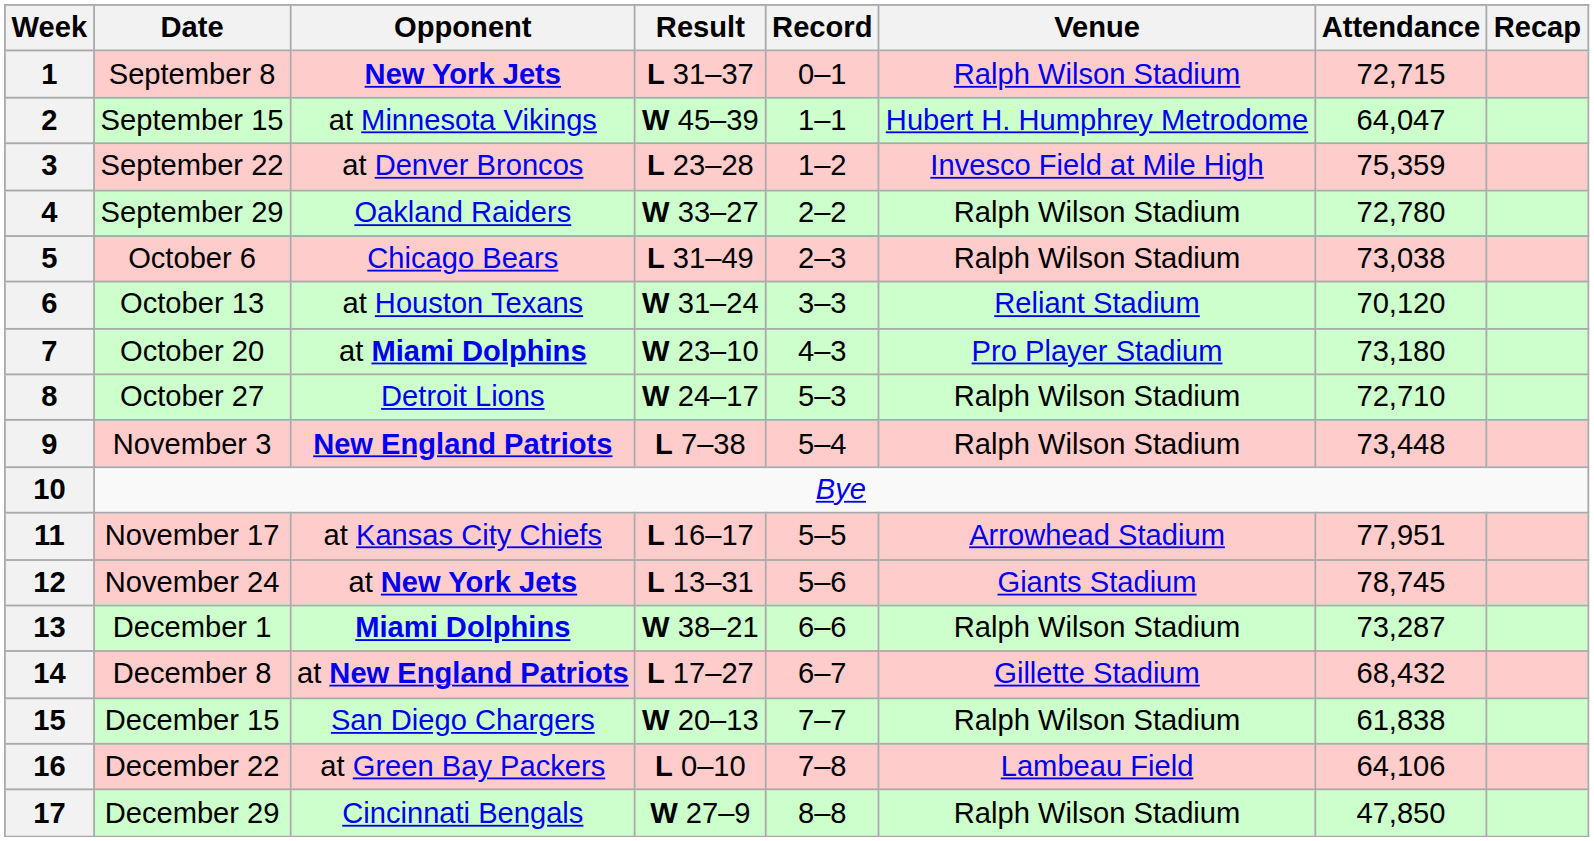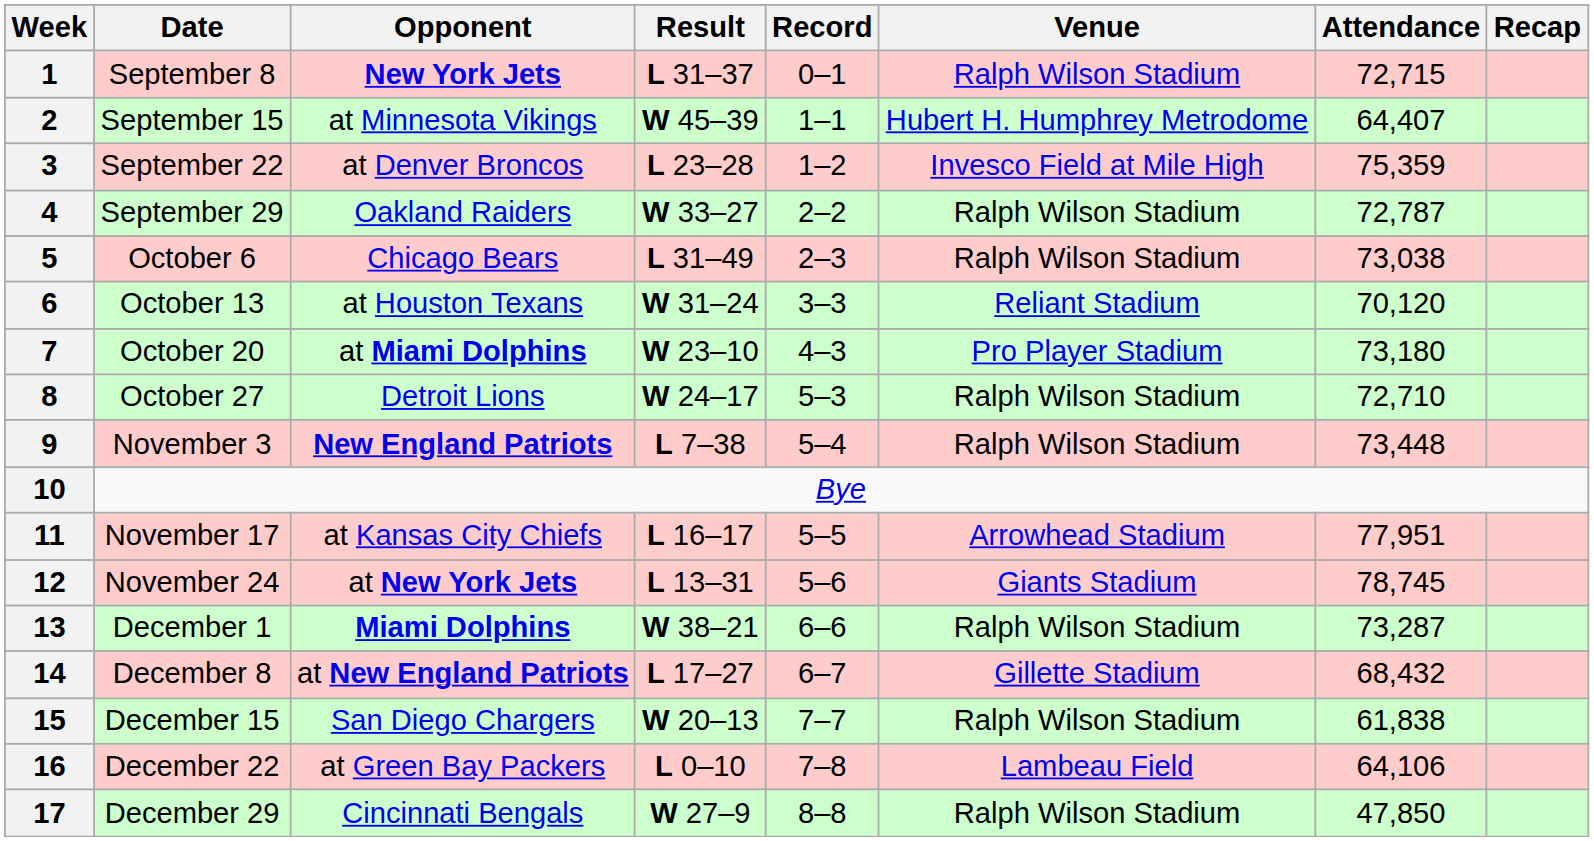 <table class="wikitable" style="text-align:center">
 <tr>
 <th>Week</th>
 <th>Date</th>
 <th>Opponent</th>
 <th>Result</th>
 <th>Record</th>
 <th>Venue</th>
 <th>Attendance</th>
 <th>Recap</th>
 </tr>
 <tr style="background:#fcc">
 <th>1</th>
 <td>September 8</td>
 <td><strong><a href='#'>New York Jets</a></strong></td>
 <td><strong>L</strong> 31–37 </td>
 <td>0–1</td>
 <td><a href='#'>Ralph Wilson Stadium</a></td>
 <td>72,715</td>
 <td></td>
 </tr>
 <tr style="background:#cfc">
 <th>2</th>
 <td>September 15</td>
 <td>at <a href='#'>Minnesota Vikings</a></td>
 <td><strong>W</strong> 45–39 </td>
 <td>1–1</td>
 <td><a href='#'>Hubert H. Humphrey Metrodome</a></td>
-<td>64,047</td>
+<td>64,407</td>
 <td></td>
 </tr>
 <tr style="background:#fcc">
 <th>3</th>
 <td>September 22</td>
 <td>at <a href='#'>Denver Broncos</a></td>
 <td><strong>L</strong> 23–28</td>
 <td>1–2</td>
 <td><a href='#'>Invesco Field at Mile High</a></td>
 <td>75,359</td>
 <td></td>
 </tr>
 <tr style="background:#cfc">
 <th>4</th>
 <td>September 29</td>
 <td><a href='#'>Oakland Raiders</a></td>
 <td><strong>W</strong> 33–27 </td>
 <td>2–2</td>
 <td>Ralph Wilson Stadium</td>
-<td>72,780</td>
+<td>72,787</td>
 <td></td>
 </tr>
 <tr style="background:#fcc">
 <th>5</th>
 <td>October 6</td>
 <td><a href='#'>Chicago Bears</a></td>
 <td><strong>L</strong> 31–49</td>
 <td>2–3</td>
 <td>Ralph Wilson Stadium</td>
 <td>73,038</td>
 <td></td>
 </tr>
 <tr style="background:#cfc">
 <th>6</th>
 <td>October 13</td>
 <td>at <a href='#'>Houston Texans</a></td>
 <td><strong>W</strong> 31–24</td>
 <td>3–3</td>
 <td><a href='#'>Reliant Stadium</a></td>
 <td>70,120</td>
 <td></td>
 </tr>
 <tr style="background:#cfc">
 <th>7</th>
 <td>October 20</td>
 <td>at <strong><a href='#'>Miami Dolphins</a></strong></td>
 <td><strong>W</strong> 23–10</td>
 <td>4–3</td>
 <td><a href='#'>Pro Player Stadium</a></td>
 <td>73,180</td>
 <td></td>
 </tr>
 <tr style="background:#cfc">
 <th>8</th>
 <td>October 27</td>
 <td><a href='#'>Detroit Lions</a></td>
 <td><strong>W</strong> 24–17</td>
 <td>5–3</td>
 <td>Ralph Wilson Stadium</td>
 <td>72,710</td>
 <td></td>
 </tr>
 <tr style="background:#fcc">
 <th>9</th>
 <td>November 3</td>
 <td><strong><a href='#'>New England Patriots</a></strong></td>
 <td><strong>L</strong> 7–38</td>
 <td>5–4</td>
 <td>Ralph Wilson Stadium</td>
 <td>73,448</td>
 <td></td>
 </tr>
 <tr>
 <th>10</th>
 <td colspan="7"><em><a href='#'>Bye</a></em></td>
 </tr>
 <tr style="background:#fcc">
 <th>11</th>
 <td>November 17</td>
 <td>at <a href='#'>Kansas City Chiefs</a></td>
 <td><strong>L</strong> 16–17</td>
 <td>5–5</td>
 <td><a href='#'>Arrowhead Stadium</a></td>
 <td>77,951</td>
 <td></td>
 </tr>
 <tr style="background:#fcc">
 <th>12</th>
 <td>November 24</td>
 <td>at <strong><a href='#'>New York Jets</a></strong></td>
 <td><strong>L</strong> 13–31</td>
 <td>5–6</td>
 <td><a href='#'>Giants Stadium</a></td>
 <td>78,745</td>
 <td></td>
 </tr>
 <tr style="background:#cfc">
 <th>13</th>
 <td>December 1</td>
 <td><strong><a href='#'>Miami Dolphins</a></strong></td>
 <td><strong>W</strong> 38–21</td>
 <td>6–6</td>
 <td>Ralph Wilson Stadium</td>
 <td>73,287</td>
 <td></td>
 </tr>
 <tr style="background:#fcc">
 <th>14</th>
 <td>December 8</td>
 <td>at <strong><a href='#'>New England Patriots</a></strong></td>
 <td><strong>L</strong> 17–27</td>
 <td>6–7</td>
 <td><a href='#'>Gillette Stadium</a></td>
 <td>68,432</td>
 <td></td>
 </tr>
 <tr style="background:#cfc">
 <th>15</th>
 <td>December 15</td>
 <td><a href='#'>San Diego Chargers</a></td>
 <td><strong>W</strong> 20–13</td>
 <td>7–7</td>
 <td>Ralph Wilson Stadium</td>
 <td>61,838</td>
 <td></td>
 </tr>
 <tr style="background:#fcc">
 <th>16</th>
 <td>December 22</td>
 <td>at <a href='#'>Green Bay Packers</a></td>
 <td><strong>L</strong> 0–10</td>
 <td>7–8</td>
 <td><a href='#'>Lambeau Field</a></td>
 <td>64,106</td>
 <td></td>
 </tr>
 <tr style="background:#cfc">
 <th>17</th>
 <td>December 29</td>
 <td><a href='#'>Cincinnati Bengals</a></td>
 <td><strong>W</strong> 27–9</td>
 <td>8–8</td>
 <td>Ralph Wilson Stadium</td>
 <td>47,850</td>
 <td></td>
 </tr>
 </table>
